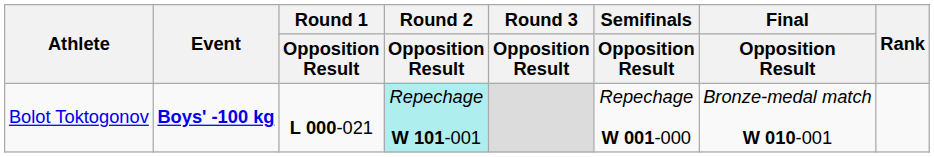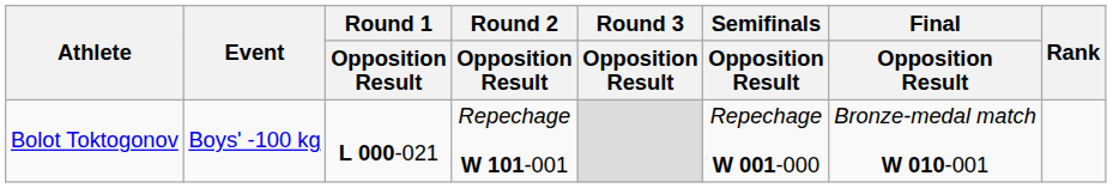 <table class="wikitable" border="1" style="font-size:90%">
 <tr>
 <th rowspan=2>Athlete</th>
 <th rowspan=2>Event</th>
 <th>Round 1</th>
 <th>Round 2</th>
 <th>Round 3</th>
 <th>Semifinals</th>
 <th>Final</th>
 <th rowspan=2>Rank</th>
 </tr>
 <tr>
 <th>Opposition<br>Result</th>
 <th>Opposition<br>Result</th>
 <th>Opposition<br>Result</th>
 <th>Opposition<br>Result</th>
 <th>Opposition<br>Result</th>
 </tr>
 <tr>
 <td><a href='#'>Bolot Toktogonov</a></td>
-<td><strong><a href='#'>Boys' -100 kg</a></strong></td>
+<td><a href='#'>Boys' -100 kg</a></td>
 <td align=center> <br> <strong>L</strong> <strong>000</strong>-021</td>
-<td align=center style="background: paleturquoise;"><em>Repechage</em><br> <br> <strong>W</strong> <strong>101</strong>-001</td>
+<td align=center><em>Repechage</em><br> <br> <strong>W</strong> <strong>101</strong>-001</td>
 <td bgcolor=#DCDCDC></td>
 <td align=center><em>Repechage</em><br> <br> <strong>W</strong> <strong>001</strong>-000</td>
 <td align=center><em>Bronze-medal match</em><br> <br> <strong>W</strong> <strong>010</strong>-001</td>
 <td align=center></td>
 </tr>
 </table>
